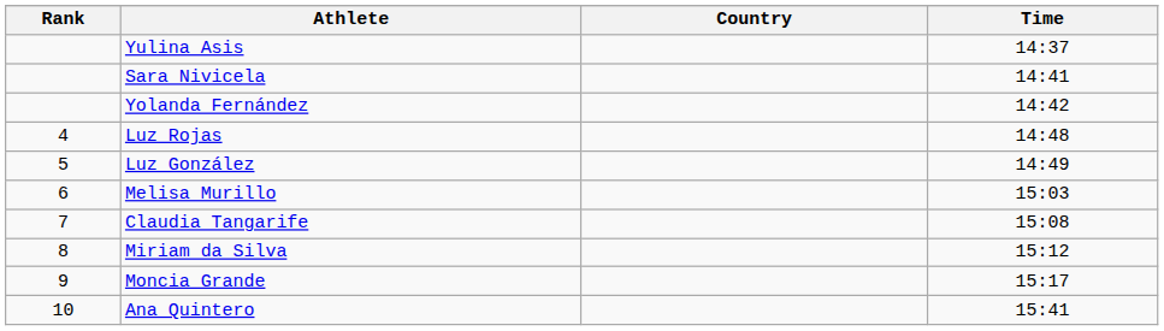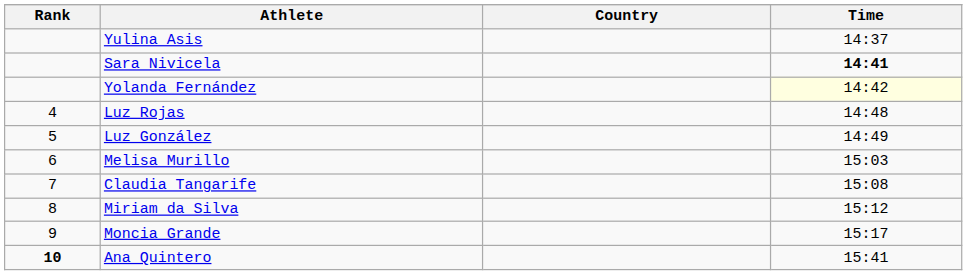 <table class="wikitable sortable" style=" text-align:center; font-size:95%;" width="50%">
 <tr>
 </tr>
 <tr>
 <th width=5%>Rank</th>
 <th width=20%>Athlete</th>
 <th width=15%>Country</th>
 <th width=10%>Time</th>
 </tr>
 <tr>
 <td align=center></td>
 <td align=left><a href='#'>Yulina Asis</a></td>
 <td align=left></td>
 <td>14:37</td>
 </tr>
 <tr>
 <td align=center></td>
 <td align=left><a href='#'>Sara Nivicela</a></td>
 <td align=left></td>
-<td>14:41</td>
+<td><strong>14:41</strong></td>
 </tr>
 <tr>
 <td align=center></td>
 <td align=left><a href='#'>Yolanda Fernández</a></td>
 <td align=left></td>
-<td>14:42</td>
+<td style="background: lightyellow;">14:42</td>
 </tr>
 <tr>
 <td align=center>4</td>
 <td align=left><a href='#'>Luz Rojas</a></td>
 <td align=left></td>
 <td>14:48</td>
 </tr>
 <tr>
 <td align=center>5</td>
 <td align=left><a href='#'>Luz González</a></td>
 <td align=left></td>
 <td>14:49</td>
 </tr>
 <tr>
 <td align=center>6</td>
 <td align=left><a href='#'>Melisa Murillo</a></td>
 <td align=left></td>
 <td>15:03</td>
 </tr>
 <tr>
 <td align=center>7</td>
 <td align=left><a href='#'>Claudia Tangarife</a></td>
 <td align=left></td>
 <td>15:08</td>
 </tr>
 <tr>
 <td align=center>8</td>
 <td align=left><a href='#'>Miriam da Silva</a></td>
 <td align=left></td>
 <td>15:12</td>
 </tr>
 <tr>
 <td align=center>9</td>
 <td align=left><a href='#'>Moncia Grande</a></td>
 <td align=left></td>
 <td>15:17</td>
 </tr>
 <tr>
-<td align=center>10</td>
+<td align=center><strong>10</strong></td>
 <td align=left><a href='#'>Ana Quintero</a></td>
 <td align=left></td>
 <td>15:41</td>
 </tr>
 </table>
